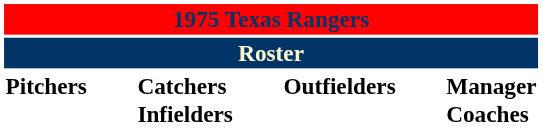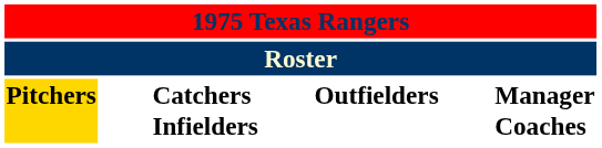 <table class="toccolours" style="font-size: 95%;">
 <tr>
 <th colspan="10" style="background-color: red; color: #003366; text-align: center;">1975 Texas Rangers</th>
 </tr>
 <tr>
 <td colspan="10" style="background-color: #003366; color: #FFFDD0; text-align: center;"><strong>Roster</strong></td>
 </tr>
 <tr>
-<td valign="top"><strong>Pitchers</strong><br>                </td>
+<td valign="top" style="background: gold;"><strong>Pitchers</strong><br>                </td>
 <td width="25px"></td>
 <td valign="top"><strong>Catchers</strong><br>   <strong>Infielders</strong>           </td>
 <td width="25px"></td>
 <td valign="top"><strong>Outfielders</strong><br>       </td>
 <td width="25px"></td>
 <td valign="top"><strong>Manager</strong><br>  <strong>Coaches</strong>       </td>
 </tr>
 <tr>
 </tr>
 </table>
